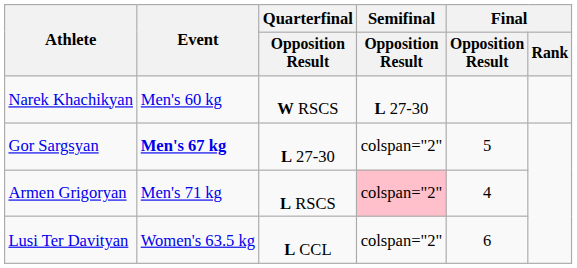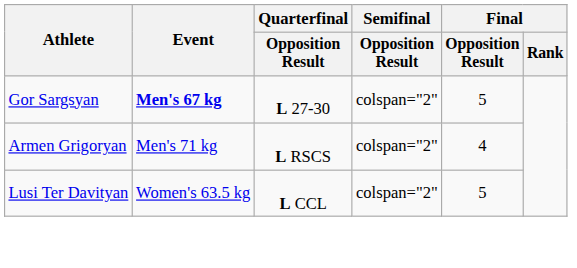 <table class="wikitable" style="text-align:center; font-size:90%">
 <tr>
 <th rowspan="2">Athlete</th>
 <th rowspan="2">Event</th>
 <th>Quarterfinal</th>
 <th>Semifinal</th>
 <th colspan="2">Final</th>
 </tr>
 <tr style="font-size:95%">
 <th>Opposition<br>Result</th>
 <th>Opposition<br>Result</th>
 <th>Opposition<br>Result</th>
 <th>Rank</th>
 </tr>
 <tr>
-<td align="left"><a href='#'>Narek Khachikyan</a></td>
-<td align="left"><a href='#'>Men's 60 kg</a></td>
-<td><br><strong>W</strong> RSCS</td>
-<td><br><strong>L</strong> 27-30</td>
-<td></td>
-<td></td>
-</tr>
-<tr>
 <td align="left"><a href='#'>Gor Sargsyan</a></td>
 <td align="left"><strong><a href='#'>Men's 67 kg</a></strong></td>
 <td><br><strong>L</strong> 27-30</td>
 <td>colspan="2" </td>
 <td>5</td>
 </tr>
 <tr>
 <td align="left"><a href='#'>Armen Grigoryan</a></td>
 <td align="left"><a href='#'>Men's 71 kg</a></td>
 <td><br><strong>L</strong> RSCS</td>
-<td style="background: pink;">colspan="2" </td>
+<td>colspan="2" </td>
 <td>4</td>
 </tr>
 <tr>
 <td align="left"><a href='#'>Lusi Ter Davityan</a></td>
 <td align="left"><a href='#'>Women's 63.5 kg</a></td>
 <td><br><strong>L</strong> CCL</td>
 <td>colspan="2" </td>
-<td>6</td>
+<td>5</td>
 </tr>
 </table>
